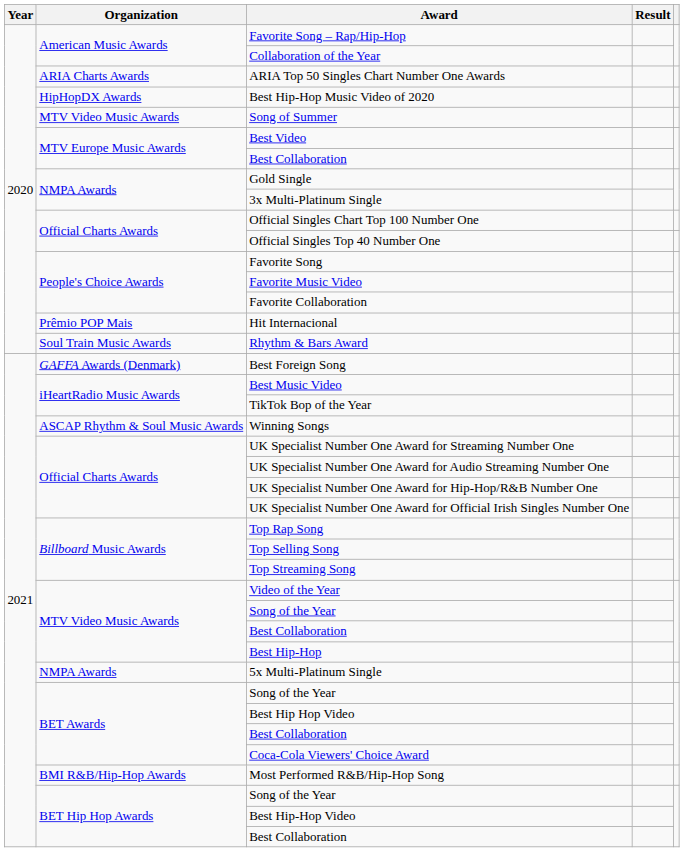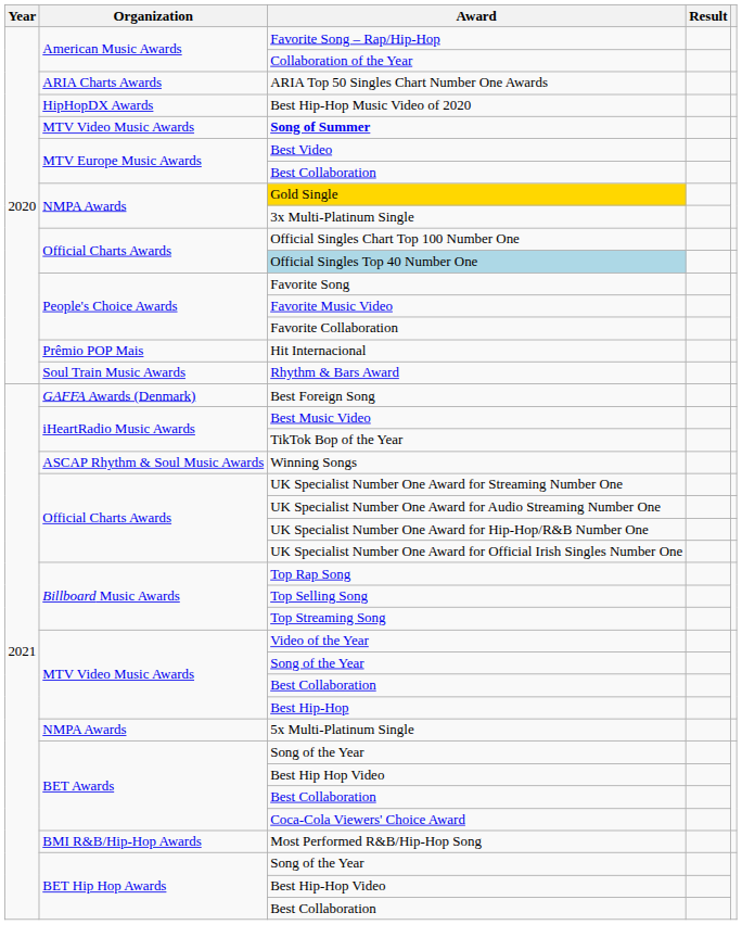 <table class="wikitable plainrowheaders">
 <tr>
 <th>Year</th>
 <th>Organization</th>
 <th>Award</th>
 <th>Result</th>
 <th></th>
 </tr>
 <tr>
 <td rowspan="16">2020</td>
 <td rowspan=2><a href='#'>American Music Awards</a></td>
 <td><a href='#'>Favorite Song – Rap/Hip-Hop</a></td>
 <td></td>
 <td rowspan=2></td>
 </tr>
 <tr>
 <td><a href='#'>Collaboration of the Year</a></td>
 <td></td>
 </tr>
 <tr>
 <td><a href='#'>ARIA Charts Awards</a></td>
 <td>ARIA Top 50 Singles Chart Number One Awards</td>
 <td></td>
 <td></td>
 </tr>
 <tr>
 <td><a href='#'>HipHopDX Awards</a></td>
 <td>Best Hip-Hop Music Video of 2020</td>
 <td></td>
 <td></td>
 </tr>
 <tr>
 <td><a href='#'>MTV Video Music Awards</a></td>
-<td><a href='#'>Song of Summer</a></td>
+<td><strong><a href='#'>Song of Summer</a></strong></td>
 <td></td>
 <td><br></td>
 </tr>
 <tr>
 <td rowspan=2><a href='#'>MTV Europe Music Awards</a></td>
 <td><a href='#'>Best Video</a></td>
 <td></td>
 <td rowspan=2></td>
 </tr>
 <tr>
 <td><a href='#'>Best Collaboration</a></td>
 <td></td>
 </tr>
 <tr>
 <td rowspan="2"><a href='#'>NMPA Awards</a></td>
-<td>Gold Single</td>
+<td style="background: gold;">Gold Single</td>
 <td></td>
 <td rowspan= "2"></td>
 </tr>
 <tr>
 <td>3x Multi-Platinum Single</td>
 <td></td>
 </tr>
 <tr>
 <td rowspan="2"><a href='#'>Official Charts Awards</a></td>
 <td Official Charts Awards for Official Singles Chart Top 100 Number One>Official Singles Chart Top 100 Number One</td>
 <td></td>
 <td></td>
 </tr>
 <tr>
-<td Official Charts Award for Official Singles Top 40 Number One>Official Singles Top 40 Number One</td>
+<td Official Charts Award for Official Singles Top 40 Number One style="background: lightblue;">Official Singles Top 40 Number One</td>
 <td></td>
 <td></td>
 </tr>
 <tr>
 <td rowspan="3"><a href='#'>People's Choice Awards</a></td>
 <td>Favorite Song</td>
 <td></td>
 <td rowspan="3"></td>
 </tr>
 <tr>
 <td><a href='#'>Favorite Music Video</a></td>
 <td></td>
 </tr>
 <tr>
 <td>Favorite Collaboration</td>
 <td></td>
 </tr>
 <tr>
 <td><a href='#'>Prêmio POP Mais</a></td>
 <td>Hit Internacional</td>
 <td></td>
 <td></td>
 </tr>
 <tr>
 <td><a href='#'>Soul Train Music Awards</a></td>
 <td><a href='#'>Rhythm & Bars Award</a></td>
 <td></td>
 <td></td>
 </tr>
 <tr>
 <td rowspan="24">2021</td>
 <td><a href='#'><em>GAFFA</em> Awards (Denmark)</a></td>
 <td>Best Foreign Song</td>
 <td></td>
 <td></td>
 </tr>
 <tr>
 <td rowspan="2"><a href='#'>iHeartRadio Music Awards</a></td>
 <td><a href='#'>Best Music Video</a></td>
 <td></td>
 <td rowspan="2"></td>
 </tr>
 <tr>
 <td>TikTok Bop of the Year</td>
 <td></td>
 </tr>
 <tr>
 <td><a href='#'>ASCAP Rhythm & Soul Music Awards</a></td>
 <td>Winning Songs</td>
 <td></td>
 <td></td>
 </tr>
 <tr>
 <td rowspan="4"><a href='#'>Official Charts Awards</a></td>
 <td UK Specialist Number One Award for Streaming Chart Number One>UK Specialist Number One Award for Streaming Number One</td>
 <td></td>
 <td></td>
 </tr>
 <tr>
 <td UK Specialist Number One Award for Audio Streaming Chart Number One>UK Specialist Number One Award for Audio Streaming Number One</td>
 <td></td>
 <td></td>
 </tr>
 <tr>
 <td UK Specialist Number One Award for Hip-Hop/R&B Chart Number One>UK Specialist Number One Award for Hip-Hop/R&B Number One</td>
 <td></td>
 <td></td>
 </tr>
 <tr>
 <td UK Specialist Number One Award for Official Irish Singles Chart Number One>UK Specialist Number One Award for Official Irish Singles Number One</td>
 <td></td>
 <td></td>
 </tr>
 <tr>
 <td rowspan="3"><a href='#'><em>Billboard</em> Music Awards</a></td>
 <td><a href='#'>Top Rap Song</a></td>
 <td></td>
 <td rowspan=3></td>
 </tr>
 <tr>
 <td><a href='#'>Top Selling Song</a></td>
 <td></td>
 </tr>
 <tr>
 <td Billboard Music Award for Top Streaming Song><a href='#'>Top Streaming Song</a></td>
 <td></td>
 </tr>
 <tr>
 <td rowspan="4"><a href='#'>MTV Video Music Awards</a></td>
 <td><a href='#'>Video of the Year</a></td>
 <td></td>
 <td rowspan= "4"></td>
 </tr>
 <tr>
 <td><a href='#'>Song of the Year</a></td>
 <td></td>
 </tr>
 <tr>
 <td><a href='#'>Best Collaboration</a></td>
 <td></td>
 </tr>
 <tr>
 <td><a href='#'>Best Hip-Hop</a></td>
 <td></td>
 </tr>
 <tr>
 <td><a href='#'>NMPA Awards</a></td>
 <td>5x Multi-Platinum Single</td>
 <td></td>
 <td></td>
 </tr>
 <tr>
 <td rowspan="4"><a href='#'>BET Awards</a></td>
 <td>Song of the Year</td>
 <td></td>
 <td rowspan=4></td>
 </tr>
 <tr>
 <td>Best Hip Hop Video</td>
 <td></td>
 </tr>
 <tr>
 <td><a href='#'>Best Collaboration</a></td>
 <td></td>
 </tr>
 <tr>
 <td><a href='#'>Coca-Cola Viewers' Choice Award</a></td>
 <td></td>
 </tr>
 <tr>
 <td><a href='#'>BMI R&B/Hip-Hop Awards</a></td>
 <td>Most Performed R&B/Hip-Hop Song</td>
 <td></td>
 <td></td>
 </tr>
 <tr>
 <td rowspan=3><a href='#'>BET Hip Hop Awards</a></td>
 <td>Song of the Year</td>
 <td></td>
 <td rowspan=3></td>
 </tr>
 <tr>
 <td>Best Hip-Hop Video</td>
 <td></td>
 </tr>
 <tr>
 <td>Best Collaboration</td>
 <td></td>
 </tr>
 </table>
